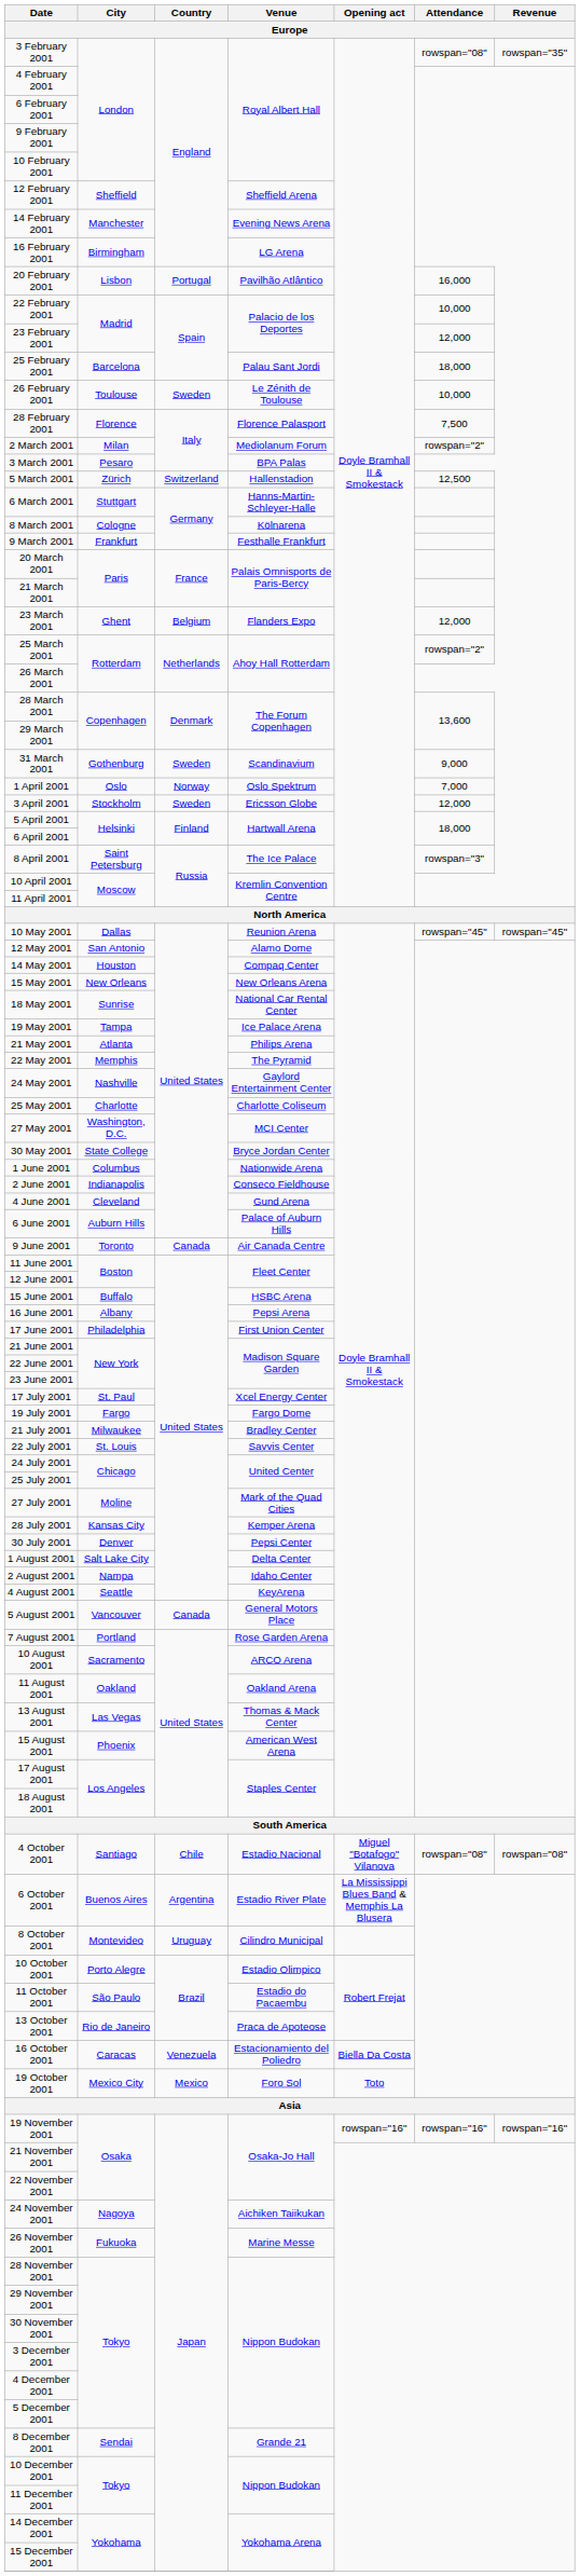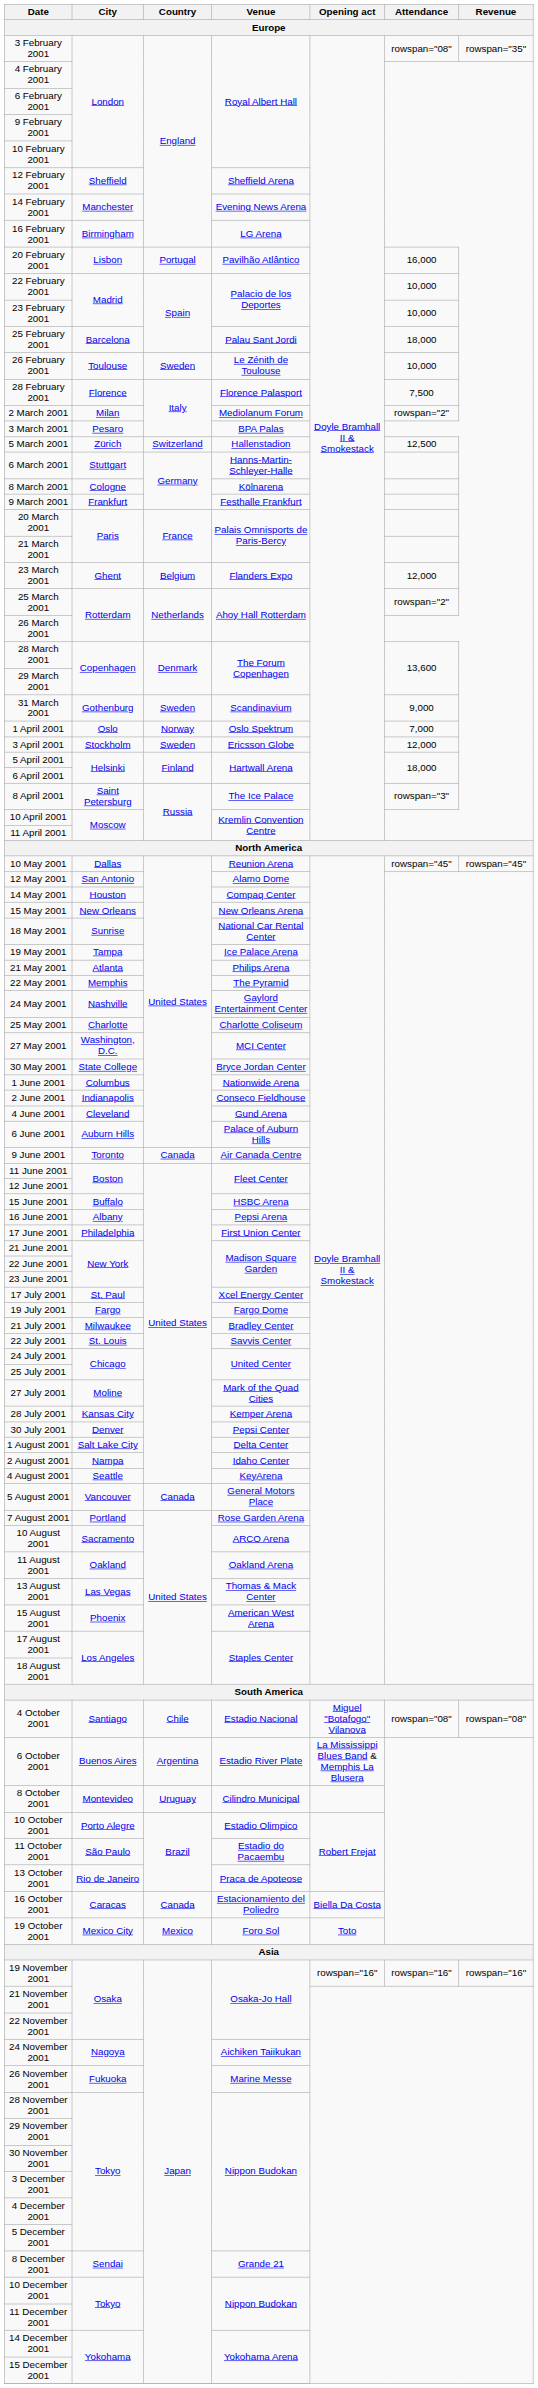 <table class="wikitable" style="text-align:center;">
 <tr>
 <th scope="col" style="width:12em;">Date</th>
 <th scope="col" style="width:10em;">City</th>
 <th scope="col" style="width:10em;">Country</th>
 <th scope="col" style="width:16em;">Venue</th>
 <th scope="col" style="width:10em;">Opening act</th>
 <th scope="col" style="width:10em;">Attendance</th>
 <th scope="col" style="width:10em;">Revenue</th>
 </tr>
 <tr>
 <th colspan="07">Europe</th>
 </tr>
 <tr>
 <td>3 February 2001</td>
 <td rowspan="05"><a href='#'>London</a></td>
 <td rowspan="08"><a href='#'>England</a></td>
 <td rowspan="05"><a href='#'>Royal Albert Hall</a></td>
 <td rowspan="35"><a href='#'>Doyle Bramhall II & Smokestack</a></td>
 <td>rowspan="08" </td>
 <td>rowspan="35" </td>
 </tr>
 <tr>
 <td>4 February 2001</td>
 </tr>
 <tr>
 <td>6 February 2001</td>
 </tr>
 <tr>
 <td>9 February 2001</td>
 </tr>
 <tr>
 <td>10 February 2001</td>
 </tr>
 <tr>
 <td>12 February 2001</td>
 <td><a href='#'>Sheffield</a></td>
 <td><a href='#'>Sheffield Arena</a></td>
 </tr>
 <tr>
 <td>14 February 2001</td>
 <td><a href='#'>Manchester</a></td>
 <td><a href='#'>Evening News Arena</a></td>
 </tr>
 <tr>
 <td>16 February 2001</td>
 <td><a href='#'>Birmingham</a></td>
 <td><a href='#'>LG Arena</a></td>
 </tr>
 <tr>
 <td>20 February 2001</td>
 <td><a href='#'>Lisbon</a></td>
 <td><a href='#'>Portugal</a></td>
 <td><a href='#'>Pavilhão Atlântico</a></td>
 <td>16,000</td>
 </tr>
 <tr>
 <td>22 February 2001</td>
 <td rowspan="2"><a href='#'>Madrid</a></td>
 <td rowspan="3"><a href='#'>Spain</a></td>
 <td rowspan="2"><a href='#'>Palacio de los Deportes</a></td>
 <td>10,000</td>
 </tr>
 <tr>
 <td>23 February 2001</td>
-<td>12,000</td>
+<td>10,000</td>
 </tr>
 <tr>
 <td>25 February 2001</td>
 <td><a href='#'>Barcelona</a></td>
 <td><a href='#'>Palau Sant Jordi</a></td>
 <td>18,000</td>
 </tr>
 <tr>
 <td>26 February 2001</td>
 <td><a href='#'>Toulouse</a></td>
 <td><a href='#'>Sweden</a></td>
 <td><a href='#'>Le Zénith de Toulouse</a></td>
 <td>10,000</td>
 </tr>
 <tr>
 <td>28 February 2001</td>
 <td><a href='#'>Florence</a></td>
 <td rowspan="3"><a href='#'>Italy</a></td>
 <td><a href='#'>Florence Palasport</a></td>
 <td>7,500</td>
 </tr>
 <tr>
 <td>2 March 2001</td>
 <td><a href='#'>Milan</a></td>
 <td><a href='#'>Mediolanum Forum</a></td>
 <td>rowspan="2" </td>
 </tr>
 <tr>
 <td>3 March 2001</td>
 <td><a href='#'>Pesaro</a></td>
 <td><a href='#'>BPA Palas</a></td>
 </tr>
 <tr>
 <td>5 March 2001</td>
 <td><a href='#'>Zürich</a></td>
 <td><a href='#'>Switzerland</a></td>
 <td><a href='#'>Hallenstadion</a></td>
 <td>12,500</td>
 </tr>
 <tr>
 <td>6 March 2001</td>
 <td><a href='#'>Stuttgart</a></td>
 <td rowspan="3"><a href='#'>Germany</a></td>
 <td><a href='#'>Hanns-Martin-Schleyer-Halle</a></td>
 <td></td>
 </tr>
 <tr>
 <td>8 March 2001</td>
 <td><a href='#'>Cologne</a></td>
 <td><a href='#'>Kölnarena</a></td>
 <td></td>
 </tr>
 <tr>
 <td>9 March 2001</td>
 <td><a href='#'>Frankfurt</a></td>
 <td><a href='#'>Festhalle Frankfurt</a></td>
 <td></td>
 </tr>
 <tr>
 <td>20 March 2001</td>
 <td rowspan="2"><a href='#'>Paris</a></td>
 <td rowspan="2"><a href='#'>France</a></td>
 <td rowspan="2"><a href='#'>Palais Omnisports de Paris-Bercy</a></td>
 <td></td>
 </tr>
 <tr>
 <td>21 March 2001</td>
 <td></td>
 </tr>
 <tr>
 <td>23 March 2001</td>
 <td><a href='#'>Ghent</a></td>
 <td><a href='#'>Belgium</a></td>
 <td><a href='#'>Flanders Expo</a></td>
 <td>12,000</td>
 </tr>
 <tr>
 <td>25 March 2001</td>
 <td rowspan="2"><a href='#'>Rotterdam</a></td>
 <td rowspan="2"><a href='#'>Netherlands</a></td>
 <td rowspan="2"><a href='#'>Ahoy Hall Rotterdam</a></td>
 <td>rowspan="2" </td>
 </tr>
 <tr>
 <td>26 March 2001</td>
 </tr>
 <tr>
 <td>28 March 2001</td>
 <td rowspan="2"><a href='#'>Copenhagen</a></td>
 <td rowspan="2"><a href='#'>Denmark</a></td>
 <td rowspan="2"><a href='#'>The Forum Copenhagen</a></td>
 <td rowspan="2">13,600</td>
 </tr>
 <tr>
 <td>29 March 2001</td>
 </tr>
 <tr>
 <td>31 March 2001</td>
 <td><a href='#'>Gothenburg</a></td>
 <td><a href='#'>Sweden</a></td>
 <td><a href='#'>Scandinavium</a></td>
 <td>9,000</td>
 </tr>
 <tr>
 <td>1 April 2001</td>
 <td><a href='#'>Oslo</a></td>
 <td><a href='#'>Norway</a></td>
 <td><a href='#'>Oslo Spektrum</a></td>
 <td>7,000</td>
 </tr>
 <tr>
 <td>3 April 2001</td>
 <td><a href='#'>Stockholm</a></td>
 <td><a href='#'>Sweden</a></td>
 <td><a href='#'>Ericsson Globe</a></td>
 <td>12,000</td>
 </tr>
 <tr>
 <td>5 April 2001</td>
 <td rowspan="2"><a href='#'>Helsinki</a></td>
 <td rowspan="2"><a href='#'>Finland</a></td>
 <td rowspan="2"><a href='#'>Hartwall Arena</a></td>
 <td rowspan="2">18,000</td>
 </tr>
 <tr>
 <td>6 April 2001</td>
 </tr>
 <tr>
 <td>8 April 2001</td>
 <td><a href='#'>Saint Petersburg</a></td>
 <td rowspan="3"><a href='#'>Russia</a></td>
 <td><a href='#'>The Ice Palace</a></td>
 <td>rowspan="3" </td>
 </tr>
 <tr>
 <td>10 April 2001</td>
 <td rowspan="2"><a href='#'>Moscow</a></td>
 <td rowspan="2"><a href='#'>Kremlin Convention Centre</a></td>
 </tr>
 <tr>
 <td>11 April 2001</td>
 </tr>
 <tr>
 <th colspan="07">North America</th>
 </tr>
 <tr>
 <td>10 May 2001</td>
 <td><a href='#'>Dallas</a></td>
 <td rowspan="16"><a href='#'>United States</a></td>
 <td><a href='#'>Reunion Arena</a></td>
 <td rowspan="45"><a href='#'>Doyle Bramhall II & Smokestack</a></td>
 <td>rowspan="45" </td>
 <td>rowspan="45" </td>
 </tr>
 <tr>
 <td>12 May 2001</td>
 <td><a href='#'>San Antonio</a></td>
 <td><a href='#'>Alamo Dome</a></td>
 </tr>
 <tr>
 <td>14 May 2001</td>
 <td><a href='#'>Houston</a></td>
 <td><a href='#'>Compaq Center</a></td>
 </tr>
 <tr>
 <td>15 May 2001</td>
 <td><a href='#'>New Orleans</a></td>
 <td><a href='#'>New Orleans Arena</a></td>
 </tr>
 <tr>
 <td>18 May 2001</td>
 <td><a href='#'>Sunrise</a></td>
 <td><a href='#'>National Car Rental Center</a></td>
 </tr>
 <tr>
 <td>19 May 2001</td>
 <td><a href='#'>Tampa</a></td>
 <td><a href='#'>Ice Palace Arena</a></td>
 </tr>
 <tr>
 <td>21 May 2001</td>
 <td><a href='#'>Atlanta</a></td>
 <td><a href='#'>Philips Arena</a></td>
 </tr>
 <tr>
 <td>22 May 2001</td>
 <td><a href='#'>Memphis</a></td>
 <td><a href='#'>The Pyramid</a></td>
 </tr>
 <tr>
 <td>24 May 2001</td>
 <td><a href='#'>Nashville</a></td>
 <td><a href='#'>Gaylord Entertainment Center</a></td>
 </tr>
 <tr>
 <td>25 May 2001</td>
 <td><a href='#'>Charlotte</a></td>
 <td><a href='#'>Charlotte Coliseum</a></td>
 </tr>
 <tr>
 <td>27 May 2001</td>
 <td><a href='#'>Washington, D.C.</a></td>
 <td><a href='#'>MCI Center</a></td>
 </tr>
 <tr>
 <td>30 May 2001</td>
 <td><a href='#'>State College</a></td>
 <td><a href='#'>Bryce Jordan Center</a></td>
 </tr>
 <tr>
 <td>1 June 2001</td>
 <td><a href='#'>Columbus</a></td>
 <td><a href='#'>Nationwide Arena</a></td>
 </tr>
 <tr>
 <td>2 June 2001</td>
 <td><a href='#'>Indianapolis</a></td>
 <td><a href='#'>Conseco Fieldhouse</a></td>
 </tr>
 <tr>
 <td>4 June 2001</td>
 <td><a href='#'>Cleveland</a></td>
 <td><a href='#'>Gund Arena</a></td>
 </tr>
 <tr>
 <td>6 June 2001</td>
 <td><a href='#'>Auburn Hills</a></td>
 <td><a href='#'>Palace of Auburn Hills</a></td>
 </tr>
 <tr>
 <td>9 June 2001</td>
 <td><a href='#'>Toronto</a></td>
 <td><a href='#'>Canada</a></td>
 <td><a href='#'>Air Canada Centre</a></td>
 </tr>
 <tr>
 <td>11 June 2001</td>
 <td rowspan="02"><a href='#'>Boston</a></td>
 <td rowspan="20"><a href='#'>United States</a></td>
 <td rowspan="02"><a href='#'>Fleet Center</a></td>
 </tr>
 <tr>
 <td>12 June 2001</td>
 </tr>
 <tr>
 <td>15 June 2001</td>
 <td><a href='#'>Buffalo</a></td>
 <td><a href='#'>HSBC Arena</a></td>
 </tr>
 <tr>
 <td>16 June 2001</td>
 <td><a href='#'>Albany</a></td>
 <td><a href='#'>Pepsi Arena</a></td>
 </tr>
 <tr>
 <td>17 June 2001</td>
 <td><a href='#'>Philadelphia</a></td>
 <td><a href='#'>First Union Center</a></td>
 </tr>
 <tr>
 <td>21 June 2001</td>
 <td rowspan="03"><a href='#'>New York</a></td>
 <td rowspan="03"><a href='#'>Madison Square Garden</a></td>
 </tr>
 <tr>
 <td>22 June 2001</td>
 </tr>
 <tr>
 <td>23 June 2001</td>
 </tr>
 <tr>
 <td>17 July 2001</td>
 <td><a href='#'>St. Paul</a></td>
 <td><a href='#'>Xcel Energy Center</a></td>
 </tr>
 <tr>
 <td>19 July 2001</td>
 <td><a href='#'>Fargo</a></td>
 <td><a href='#'>Fargo Dome</a></td>
 </tr>
 <tr>
 <td>21 July 2001</td>
 <td><a href='#'>Milwaukee</a></td>
 <td><a href='#'>Bradley Center</a></td>
 </tr>
 <tr>
 <td>22 July 2001</td>
 <td><a href='#'>St. Louis</a></td>
 <td><a href='#'>Savvis Center</a></td>
 </tr>
 <tr>
 <td>24 July 2001</td>
 <td rowspan="02"><a href='#'>Chicago</a></td>
 <td rowspan="02"><a href='#'>United Center</a></td>
 </tr>
 <tr>
 <td>25 July 2001</td>
 </tr>
 <tr>
 <td>27 July 2001</td>
 <td><a href='#'>Moline</a></td>
 <td><a href='#'>Mark of the Quad Cities</a></td>
 </tr>
 <tr>
 <td>28 July 2001</td>
 <td><a href='#'>Kansas City</a></td>
 <td><a href='#'>Kemper Arena</a></td>
 </tr>
 <tr>
 <td>30 July 2001</td>
 <td><a href='#'>Denver</a></td>
 <td><a href='#'>Pepsi Center</a></td>
 </tr>
 <tr>
 <td>1 August 2001</td>
 <td><a href='#'>Salt Lake City</a></td>
 <td><a href='#'>Delta Center</a></td>
 </tr>
 <tr>
 <td>2 August 2001</td>
 <td><a href='#'>Nampa</a></td>
 <td><a href='#'>Idaho Center</a></td>
 </tr>
 <tr>
 <td>4 August 2001</td>
 <td><a href='#'>Seattle</a></td>
 <td><a href='#'>KeyArena</a></td>
 </tr>
 <tr>
 <td>5 August 2001</td>
 <td><a href='#'>Vancouver</a></td>
 <td><a href='#'>Canada</a></td>
 <td><a href='#'>General Motors Place</a></td>
 </tr>
 <tr>
 <td>7 August 2001</td>
 <td><a href='#'>Portland</a></td>
 <td rowspan="07"><a href='#'>United States</a></td>
 <td><a href='#'>Rose Garden Arena</a></td>
 </tr>
 <tr>
 <td>10 August 2001</td>
 <td><a href='#'>Sacramento</a></td>
 <td><a href='#'>ARCO Arena</a></td>
 </tr>
 <tr>
 <td>11 August 2001</td>
 <td><a href='#'>Oakland</a></td>
 <td><a href='#'>Oakland Arena</a></td>
 </tr>
 <tr>
 <td>13 August 2001</td>
 <td><a href='#'>Las Vegas</a></td>
 <td><a href='#'>Thomas & Mack Center</a></td>
 </tr>
 <tr>
 <td>15 August 2001</td>
 <td><a href='#'>Phoenix</a></td>
 <td><a href='#'>American West Arena</a></td>
 </tr>
 <tr>
 <td>17 August 2001</td>
 <td rowspan="02"><a href='#'>Los Angeles</a></td>
 <td rowspan="02"><a href='#'>Staples Center</a></td>
 </tr>
 <tr>
 <td>18 August 2001</td>
 </tr>
 <tr>
 <th colspan="07">South America</th>
 </tr>
 <tr>
 <td>4 October 2001</td>
 <td><a href='#'>Santiago</a></td>
 <td><a href='#'>Chile</a></td>
 <td><a href='#'>Estadio Nacional</a></td>
 <td><a href='#'>Miguel "Botafogo" Vilanova</a></td>
 <td>rowspan="08" </td>
 <td>rowspan="08" </td>
 </tr>
 <tr>
 <td>6 October 2001</td>
 <td><a href='#'>Buenos Aires</a></td>
 <td><a href='#'>Argentina</a></td>
 <td><a href='#'>Estadio River Plate</a></td>
 <td><a href='#'>La Mississippi Blues Band</a> & <a href='#'>Memphis La Blusera</a></td>
 </tr>
 <tr>
 <td>8 October 2001</td>
 <td><a href='#'>Montevideo</a></td>
 <td><a href='#'>Uruguay</a></td>
 <td><a href='#'>Cilindro Municipal</a></td>
 <td></td>
 </tr>
 <tr>
 <td>10 October 2001</td>
 <td><a href='#'>Porto Alegre</a></td>
 <td rowspan="03"><a href='#'>Brazil</a></td>
 <td><a href='#'>Estadio Olimpico</a></td>
 <td rowspan="03"><a href='#'>Robert Frejat</a></td>
 </tr>
 <tr>
 <td>11 October 2001</td>
 <td><a href='#'>São Paulo</a></td>
 <td><a href='#'>Estadio do Pacaembu</a></td>
 </tr>
 <tr>
 <td>13 October 2001</td>
 <td><a href='#'>Rio de Janeiro</a></td>
 <td><a href='#'>Praca de Apoteose</a></td>
 </tr>
 <tr>
 <td>16 October 2001</td>
 <td><a href='#'>Caracas</a></td>
-<td><a href='#'>Venezuela</a></td>
+<td><a href='#'>Canada</a></td>
 <td><a href='#'>Estacionamiento del Poliedro</a></td>
 <td><a href='#'>Biella Da Costa</a></td>
 </tr>
 <tr>
 <td>19 October 2001</td>
 <td><a href='#'>Mexico City</a></td>
 <td><a href='#'>Mexico</a></td>
 <td><a href='#'>Foro Sol</a></td>
 <td><a href='#'>Toto</a></td>
 </tr>
 <tr>
 <th colspan="07">Asia</th>
 </tr>
 <tr>
 <td>19 November 2001</td>
 <td rowspan="03"><a href='#'>Osaka</a></td>
 <td rowspan="16"><a href='#'>Japan</a></td>
 <td rowspan="03"><a href='#'>Osaka-Jo Hall</a></td>
 <td>rowspan="16" </td>
 <td>rowspan="16" </td>
 <td>rowspan="16" </td>
 </tr>
 <tr>
 <td>21 November 2001</td>
 </tr>
 <tr>
 <td>22 November 2001</td>
 </tr>
 <tr>
 <td>24 November 2001</td>
 <td><a href='#'>Nagoya</a></td>
 <td><a href='#'>Aichiken Taiikukan</a></td>
 </tr>
 <tr>
 <td>26 November 2001</td>
 <td><a href='#'>Fukuoka</a></td>
 <td><a href='#'>Marine Messe</a></td>
 </tr>
 <tr>
 <td>28 November 2001</td>
 <td rowspan="06"><a href='#'>Tokyo</a></td>
 <td rowspan="06"><a href='#'>Nippon Budokan</a></td>
 </tr>
 <tr>
 <td>29 November 2001</td>
 </tr>
 <tr>
 <td>30 November 2001</td>
 </tr>
 <tr>
 <td>3 December 2001</td>
 </tr>
 <tr>
 <td>4 December 2001</td>
 </tr>
 <tr>
 <td>5 December 2001</td>
 </tr>
 <tr>
 <td>8 December 2001</td>
 <td><a href='#'>Sendai</a></td>
 <td><a href='#'>Grande 21</a></td>
 </tr>
 <tr>
 <td>10 December 2001</td>
 <td rowspan="02"><a href='#'>Tokyo</a></td>
 <td rowspan="02"><a href='#'>Nippon Budokan</a></td>
 </tr>
 <tr>
 <td>11 December 2001</td>
 </tr>
 <tr>
 <td>14 December 2001</td>
 <td rowspan="02"><a href='#'>Yokohama</a></td>
 <td rowspan="02"><a href='#'>Yokohama Arena</a></td>
 </tr>
 <tr>
 <td>15 December 2001</td>
 </tr>
 <tr>
 </tr>
 </table>
